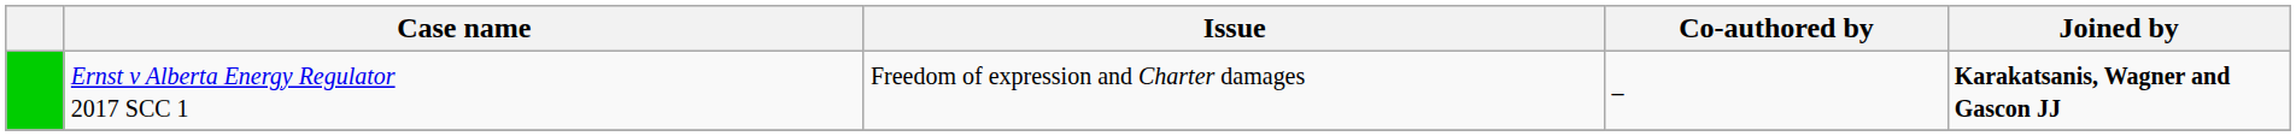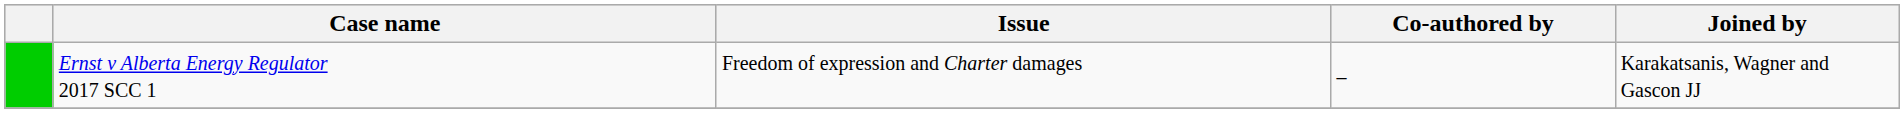 <table class="wikitable" width=100%>
 <tr bgcolor="#CCCCCC">
 <th width=25px></th>
 <th width=35%>Case name</th>
 <th>Issue</th>
 <th width=15%>Co-authored by</th>
 <th width=15%>Joined by</th>
 </tr>
 <tr>
 <td bgcolor="00cd00"></td>
 <td align=left valign=top><small><em><a href='#'>Ernst v Alberta Energy Regulator</a></em><br> 2017 SCC 1 </small></td>
 <td valign=top><small> Freedom of expression and <em>Charter</em> damages</small></td>
 <td><small> –</small></td>
-<td><strong><small> Karakatsanis, Wagner and Gascon JJ</small></strong></td>
+<td><small> Karakatsanis, Wagner and Gascon JJ</small></td>
 </tr>
 <tr>
 </tr>
 </table>
